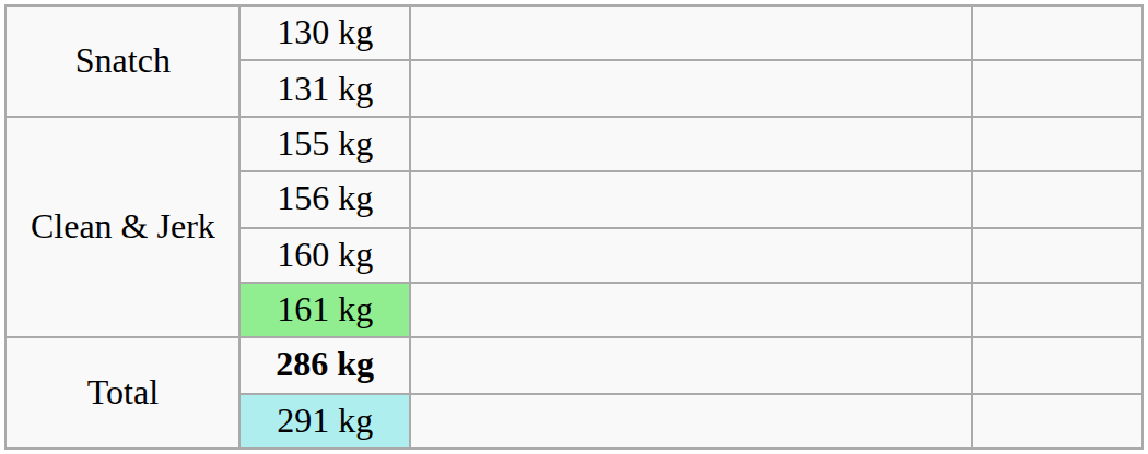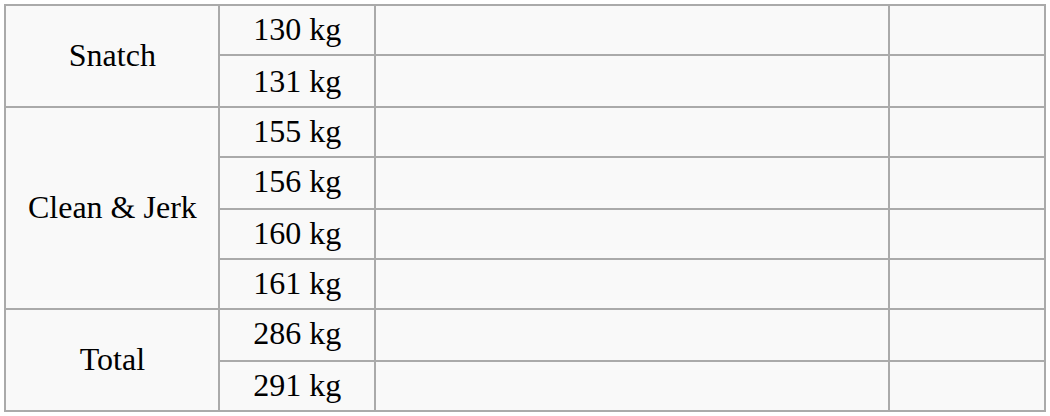 <table class = "wikitable" style="text-align:center;">
 <tr>
 <td width=100 rowspan=2>Snatch</td>
 <td width=70>130 kg</td>
 <td width=250 align=left><s></s></td>
 <td width=70><s></s></td>
 </tr>
 <tr>
 <td>131 kg</td>
 <td align=left><s></s></td>
 <td><s></s></td>
 </tr>
 <tr>
 <td rowspan=4>Clean & Jerk</td>
 <td>155 kg</td>
 <td align=left><s></s></td>
 <td><s></s></td>
 </tr>
 <tr>
 <td>156 kg</td>
 <td align=left><s></s></td>
 <td><s></s></td>
 </tr>
 <tr>
 <td>160 kg</td>
 <td align=left><s></s></td>
 <td><s></s></td>
 </tr>
 <tr>
-<td style="background: lightgreen;">161 kg</td>
+<td>161 kg</td>
 <td align=left><s></s></td>
 <td><s></s></td>
 </tr>
 <tr>
 <td rowspan=2>Total</td>
-<td><strong>286 kg</strong></td>
+<td>286 kg</td>
 <td align=left><s></s></td>
 <td><s></s></td>
 </tr>
 <tr>
-<td style="background: paleturquoise;">291 kg</td>
+<td>291 kg</td>
 <td align=left><s></s></td>
 <td><s></s></td>
 </tr>
 </table>
